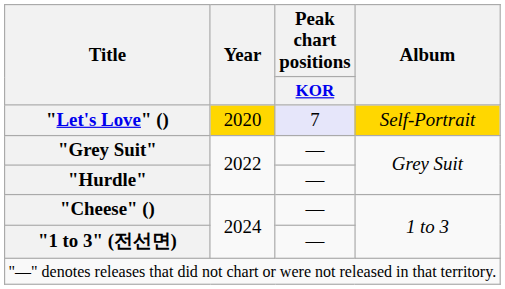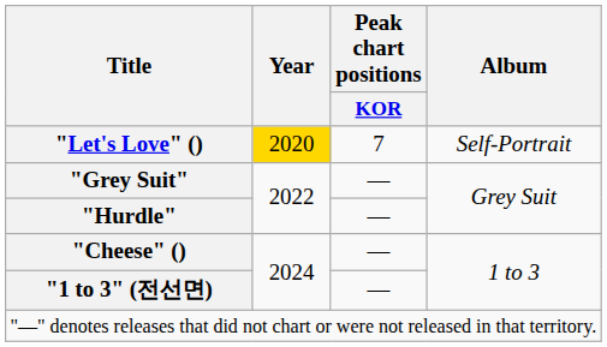 <table class="wikitable plainrowheaders" style="text-align:center">
 <tr>
 <th scope="col" rowspan="2">Title</th>
 <th scope="col" rowspan="2">Year</th>
 <th scope="col" colspan="1">Peak chart positions</th>
 <th scope="col" rowspan="2">Album</th>
 </tr>
 <tr>
 <th scope="col" style="width:3em;font-size:90%"><a href='#'>KOR</a><br></th>
 </tr>
 <tr>
 <th scope="row">"<a href='#'>Let's Love</a>" ()</th>
 <td style="background: gold;">2020</td>
-<td style="background: lavender;">7</td>
-<td style="background: gold;"><em>Self-Portrait</em></td>
+<td>7</td>
+<td><em>Self-Portrait</em></td>
 </tr>
 <tr>
 <th scope="row">"Grey Suit"</th>
 <td rowspan="2">2022</td>
 <td>—</td>
 <td rowspan="2"><em>Grey Suit</em></td>
 </tr>
 <tr>
 <th scope="row">"Hurdle"</th>
 <td>—</td>
 </tr>
 <tr>
 <th scope="row">"Cheese" ()<br></th>
 <td rowspan="2">2024</td>
 <td>—</td>
 <td rowspan="2"><em>1 to 3</em></td>
 </tr>
 <tr>
 <th scope="row">"1 to 3" (전선면)</th>
 <td>—</td>
 </tr>
 <tr>
 <td colspan="5" style="font-size:85%">"—" denotes releases that did not chart or were not released in that territory.</td>
 </tr>
 </table>
